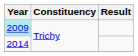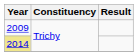 <table class="sortable wikitable">
 <tr>
 <th>Year</th>
 <th>Constituency</th>
 <th>Result</th>
 </tr>
 <tr>
-<td style="background: paleturquoise;"><a href='#'>2009</a></td>
+<td><a href='#'>2009</a></td>
 <td rowspan=2><a href='#'>Trichy</a></td>
 <td></td>
 </tr>
 <tr>
-<td><a href='#'>2014</a></td>
+<td style="background: khaki;"><a href='#'>2014</a></td>
 <td></td>
 </tr>
 <tr>
 </tr>
 </table>
